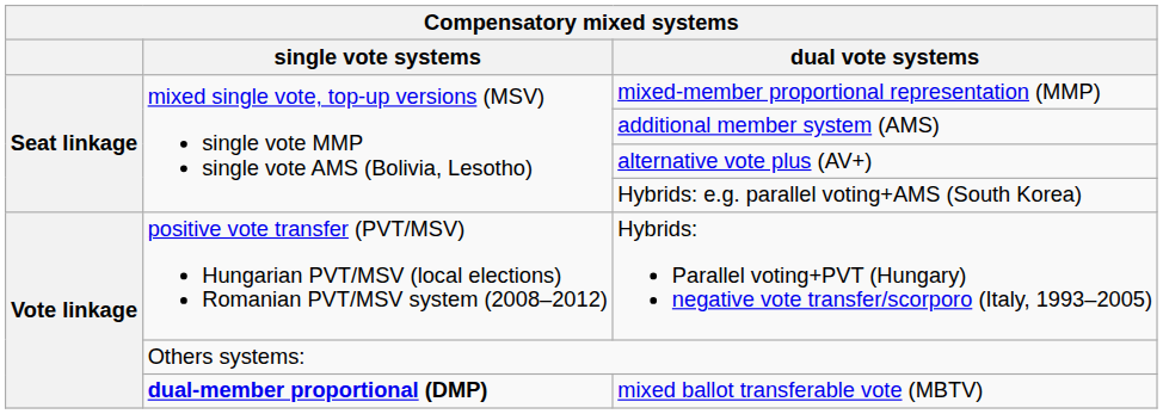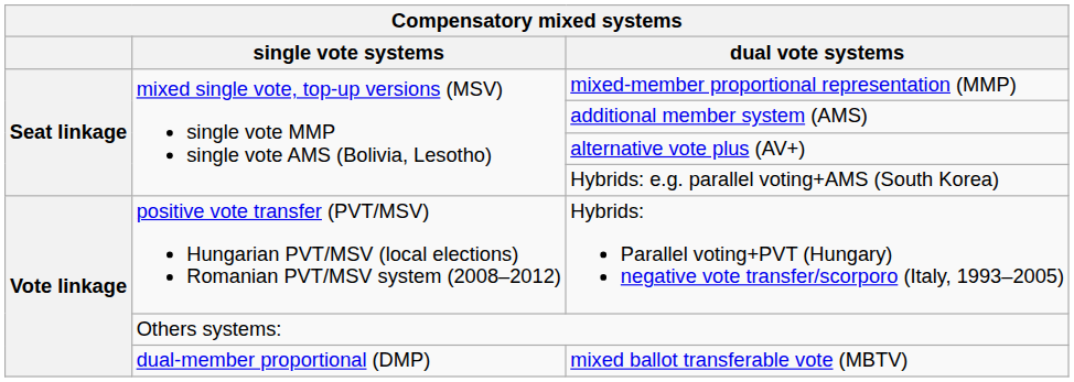 <table class="wikitable">
 <tr>
 <th colspan="3">Compensatory mixed systems</th>
 </tr>
 <tr>
 <th></th>
 <th>single vote systems</th>
 <th>dual vote systems</th>
 </tr>
 <tr>
 <th rowspan="4">Seat linkage</th>
 <td rowspan="4"><a href='#'>mixed single vote, top-up versions</a> (MSV)<br><ul><li>single vote MMP</li><li>single vote AMS (Bolivia, Lesotho)</li></ul></td>
 <td><a href='#'>mixed-member proportional representation</a> (MMP)</td>
 </tr>
 <tr>
 <td><a href='#'>additional member system</a> (AMS)</td>
 </tr>
 <tr>
 <td><a href='#'>alternative vote plus</a> (AV+)</td>
 </tr>
 <tr>
 <td>Hybrids: e.g. parallel voting+AMS (South Korea)</td>
 </tr>
 <tr>
 <th rowspan="3">Vote linkage</th>
 <td><a href='#'>positive vote transfer</a>  (PVT/MSV)<br><ul><li>Hungarian PVT/MSV (local elections)</li><li>Romanian PVT/MSV system (2008–2012)</li></ul></td>
 <td>Hybrids:<br><ul><li>Parallel voting+PVT (Hungary)</li><li><a href='#'>negative vote transfer/scorporo</a> (Italy, 1993–2005)</li></ul></td>
 </tr>
 <tr>
 <td colspan="2">Others systems:</td>
 </tr>
 <tr>
-<td><strong><a href='#'>dual-member proportional</a> (DMP)</strong></td>
+<td><a href='#'>dual-member proportional</a> (DMP)</td>
 <td><a href='#'>mixed ballot transferable vote</a> (MBTV)</td>
 </tr>
 </table>
